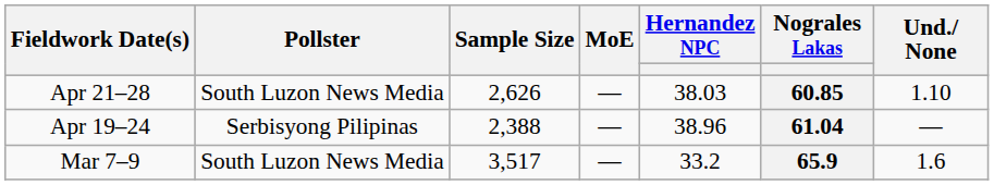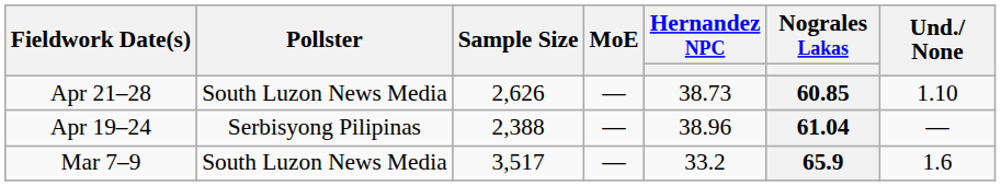 <table class="wikitable" style="text-align:center;font-size:85%;line-height:14px">
 <tr>
 <th rowspan="2">Fieldwork Date(s)</th>
 <th rowspan="2">Pollster</th>
 <th rowspan="2">Sample Size</th>
 <th rowspan="2">MoE</th>
 <th style="width:60px;"><a href='#'>Hernandez</a><br><small><a href='#'>NPC</a></small></th>
 <th style="width:60px;">Nograles<br><small><a href='#'>Lakas</a></small></th>
 <th rowspan="2" style="width:60px;">Und./<br>None</th>
 </tr>
 <tr>
 <th style="background:"></th>
 <th style="background:"></th>
 </tr>
 <tr>
 <td>Apr 21–28</td>
 <td>South Luzon News Media</td>
 <td>2,626</td>
 <td>—</td>
-<td>38.03</td>
+<td>38.73</td>
 <th style="background-color:#"><strong>60.85</strong></th>
 <td>1.10</td>
 </tr>
 <tr>
 <td>Apr 19–24</td>
 <td>Serbisyong Pilipinas</td>
 <td>2,388</td>
 <td>—</td>
 <td>38.96</td>
 <th style="background-color:#"><strong>61.04</strong></th>
 <td>—</td>
 </tr>
 <tr>
 <td>Mar 7–9</td>
 <td>South Luzon News Media</td>
 <td>3,517</td>
 <td>—</td>
 <td>33.2</td>
 <th style="background-color:#"><strong>65.9</strong></th>
 <td>1.6</td>
 </tr>
 </table>
